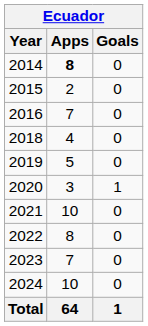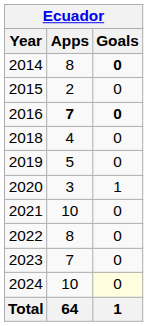 <table class="wikitable" style="text-align:center">
 <tr>
 <th colspan=3><a href='#'>Ecuador</a></th>
 </tr>
 <tr>
 <th>Year</th>
 <th>Apps</th>
 <th>Goals</th>
 </tr>
 <tr>
 <td>2014</td>
-<td><strong>8</strong></td>
-<td>0</td>
+<td>8</td>
+<td><strong>0</strong></td>
 </tr>
 <tr>
 <td>2015</td>
 <td>2</td>
 <td>0</td>
 </tr>
 <tr>
 <td>2016</td>
-<td>7</td>
-<td>0</td>
+<td><strong>7</strong></td>
+<td><strong>0</strong></td>
 </tr>
 <tr>
 <td>2018</td>
 <td>4</td>
 <td>0</td>
 </tr>
 <tr>
 <td>2019</td>
 <td>5</td>
 <td>0</td>
 </tr>
 <tr>
 <td>2020</td>
 <td>3</td>
 <td>1</td>
 </tr>
 <tr>
 <td>2021</td>
 <td>10</td>
 <td>0</td>
 </tr>
 <tr>
 <td>2022</td>
 <td>8</td>
 <td>0</td>
 </tr>
 <tr>
 <td>2023</td>
 <td>7</td>
 <td>0</td>
 </tr>
 <tr>
 <td>2024</td>
 <td>10</td>
-<td>0</td>
+<td style="background: lightyellow;">0</td>
 </tr>
 <tr>
 <th>Total</th>
 <th>64</th>
 <th>1</th>
 </tr>
 </table>
